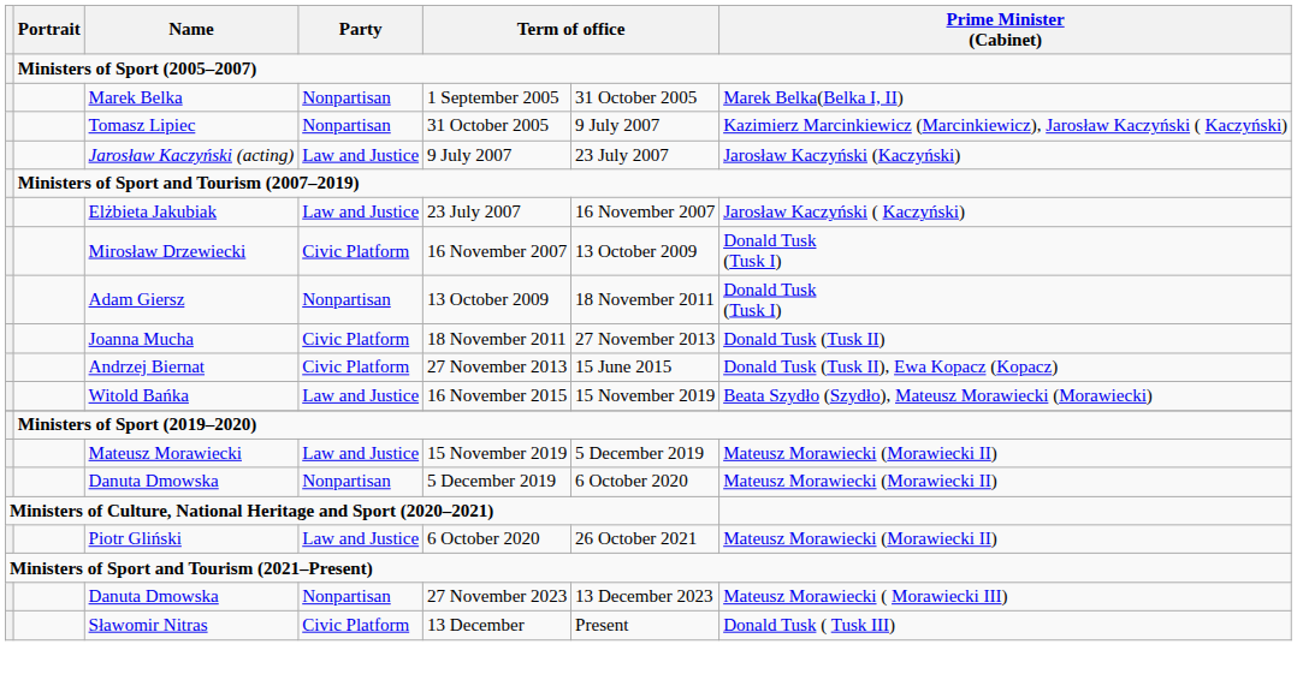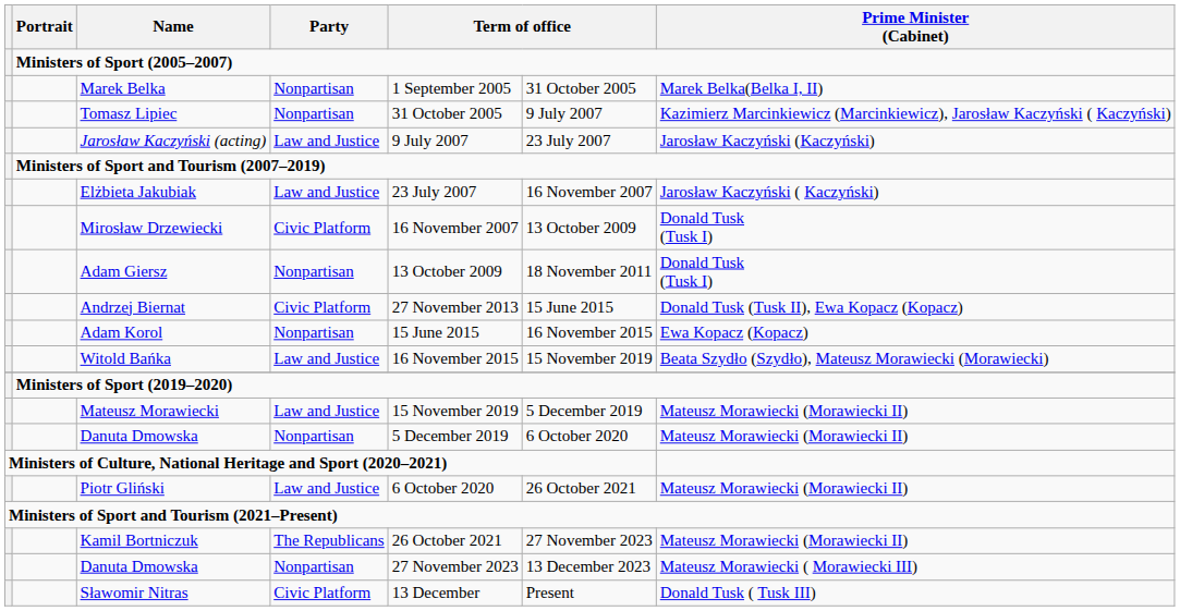 <table class="wikitable">
 <tr>
 <th></th>
 <th>Portrait</th>
 <th>Name</th>
 <th>Party</th>
 <th colspan="2">Term of office</th>
 <th><a href='#'>Prime Minister</a><br>(Cabinet)</th>
 </tr>
 <tr>
 <th></th>
 <td colspan="6"><strong>Ministers of Sport (2005–2007)</strong></td>
 </tr>
 <tr>
 <th style="background:"></th>
 <td></td>
 <td><a href='#'>Marek Belka</a></td>
 <td><a href='#'>Nonpartisan</a></td>
 <td>1 September 2005</td>
 <td>31 October 2005</td>
 <td><a href='#'>Marek Belka</a>(<a href='#'>Belka I, II</a>)</td>
 </tr>
 <tr>
 <th style="background:"></th>
 <td></td>
 <td><a href='#'>Tomasz Lipiec</a></td>
 <td><a href='#'>Nonpartisan</a></td>
 <td>31 October 2005</td>
 <td>9 July 2007</td>
 <td><a href='#'>Kazimierz Marcinkiewicz</a> (<a href='#'>Marcinkiewicz</a>),    <a href='#'>Jarosław Kaczyński</a> ( <a href='#'>Kaczyński</a>)</td>
 </tr>
 <tr>
 <th style="background:"></th>
 <td></td>
 <td><em><a href='#'>Jarosław Kaczyński</a> (acting)</em></td>
 <td><a href='#'>Law and Justice</a></td>
 <td>9 July 2007</td>
 <td>23 July 2007</td>
 <td><a href='#'>Jarosław Kaczyński</a>  (<a href='#'>Kaczyński</a>)<br></td>
 </tr>
 <tr>
 <th></th>
 <td colspan="6"><strong>Ministers of Sport and Tourism (2007–2019)</strong></td>
 </tr>
 <tr>
 <th style="background:"></th>
 <td></td>
 <td><a href='#'>Elżbieta Jakubiak</a></td>
 <td><a href='#'>Law and Justice</a></td>
 <td>23 July 2007</td>
 <td>16 November 2007</td>
 <td><a href='#'>Jarosław Kaczyński</a> ( <a href='#'>Kaczyński</a>)</td>
 </tr>
 <tr>
 <th style="background:"></th>
 <td></td>
 <td><a href='#'>Mirosław Drzewiecki</a></td>
 <td><a href='#'>Civic Platform</a></td>
 <td>16 November 2007</td>
 <td>13 October 2009</td>
 <td><a href='#'>Donald Tusk</a><br>(<a href='#'>Tusk I</a>)</td>
 </tr>
 <tr>
 <th style="background:"></th>
 <td></td>
 <td><a href='#'>Adam Giersz</a></td>
 <td><a href='#'>Nonpartisan</a></td>
 <td>13 October 2009</td>
 <td>18 November 2011</td>
 <td><a href='#'>Donald Tusk</a><br>(<a href='#'>Tusk I</a>)</td>
 </tr>
 <tr>
 <th style="background:"></th>
 <td></td>
-<td><a href='#'>Joanna Mucha</a></td>
-<td><a href='#'>Civic Platform</a></td>
-<td>18 November 2011</td>
-<td>27 November 2013</td>
-<td><a href='#'>Donald Tusk</a> (<a href='#'>Tusk II</a>)</td>
-</tr>
-<tr>
-<th style="background:"></th>
-<td></td>
 <td><a href='#'>Andrzej Biernat</a></td>
 <td><a href='#'>Civic Platform</a></td>
 <td>27 November 2013</td>
 <td>15 June 2015</td>
 <td><a href='#'>Donald Tusk</a> (<a href='#'>Tusk II</a>), <a href='#'>Ewa Kopacz</a> (<a href='#'>Kopacz</a>)</td>
+</tr>
+<tr>
+<th style="background:"></th>
+<td></td>
+<td><a href='#'>Adam Korol</a></td>
+<td><a href='#'>Nonpartisan</a></td>
+<td>15 June 2015</td>
+<td>16 November 2015</td>
+<td><a href='#'>Ewa Kopacz</a>  (<a href='#'>Kopacz</a>)</td>
 </tr>
 <tr>
 <th style="background:"></th>
 <td></td>
 <td><a href='#'>Witold Bańka</a></td>
 <td><a href='#'>Law and Justice</a></td>
 <td>16 November 2015</td>
 <td>15 November 2019</td>
 <td><a href='#'>Beata Szydło</a>  (<a href='#'>Szydło</a>), <a href='#'>Mateusz Morawiecki</a>  (<a href='#'>Morawiecki</a>)<br></td>
 </tr>
 <tr>
 </tr>
 <tr>
 <th></th>
 <td colspan="6"><strong>Ministers of Sport (2019–2020)</strong></td>
 </tr>
 <tr>
 <th style="background:"></th>
 <td></td>
 <td><a href='#'>Mateusz Morawiecki</a></td>
 <td><a href='#'>Law and Justice</a></td>
 <td>15 November 2019</td>
 <td>5 December 2019</td>
 <td><a href='#'>Mateusz Morawiecki</a>  (<a href='#'>Morawiecki II</a>)<br></td>
 </tr>
 <tr>
 <th style="background:"></th>
 <td></td>
 <td><a href='#'>Danuta Dmowska</a></td>
 <td><a href='#'>Nonpartisan</a></td>
 <td>5 December 2019</td>
 <td>6 October 2020</td>
 <td><a href='#'>Mateusz Morawiecki</a>  (<a href='#'>Morawiecki II</a>)<br></td>
 </tr>
 <tr>
 <td colspan="6"><strong> Ministers of Culture, National Heritage and Sport (2020–2021)</strong></td>
 </tr>
 <tr>
 <th style="background:"></th>
 <td></td>
 <td><a href='#'>Piotr Gliński</a></td>
 <td><a href='#'>Law and Justice</a></td>
 <td>6 October 2020</td>
 <td>26 October 2021</td>
 <td><a href='#'>Mateusz Morawiecki</a>  (<a href='#'>Morawiecki II</a>)</td>
 </tr>
 <tr>
 <td colspan="7"><strong>Ministers of Sport and Tourism (2021–Present)</strong></td>
 </tr>
 <tr>
 <th style="background:"></th>
 <td></td>
+<td><a href='#'>Kamil Bortniczuk</a></td>
+<td><a href='#'>The Republicans</a></td>
+<td>26 October 2021</td>
+<td>27 November 2023</td>
+<td><a href='#'>Mateusz Morawiecki</a>  (<a href='#'>Morawiecki II</a>)</td>
+</tr>
+<tr>
+<th style="background:"></th>
+<td></td>
 <td><a href='#'>Danuta Dmowska</a></td>
 <td><a href='#'>Nonpartisan</a></td>
 <td>27 November 2023</td>
 <td>13 December 2023</td>
 <td><a href='#'>Mateusz Morawiecki</a> ( <a href='#'>Morawiecki III</a>)</td>
 </tr>
 <tr>
 <th style="background:"></th>
 <td></td>
 <td><a href='#'>Sławomir Nitras</a></td>
 <td><a href='#'>Civic Platform</a></td>
 <td>13 December</td>
 <td>Present</td>
 <td><a href='#'>Donald Tusk</a> ( <a href='#'>Tusk III</a>)</td>
 </tr>
 </table>
